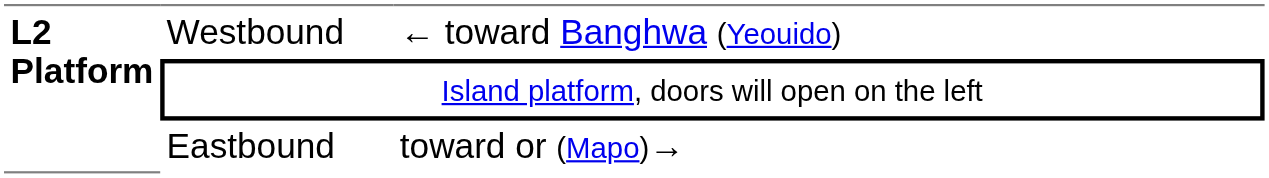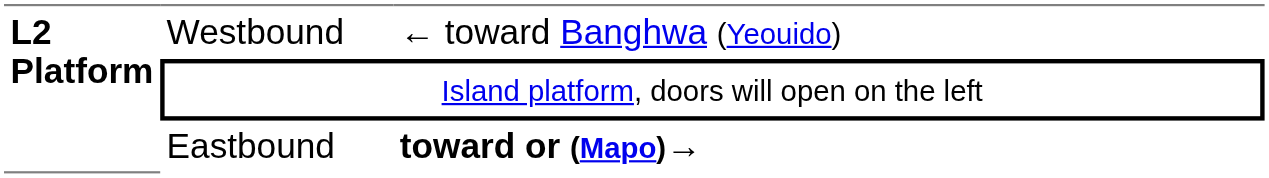 <table table border=0 cellspacing=0 cellpadding=3>
 <tr>
 <td style="border-top:solid 1px gray;border-bottom:solid 1px gray;" width=50 rowspan=10 valign=top><strong>L2<br>Platform</strong></td>
 <td style="border-bottom:solid 0px gray;border-top:solid 1px gray;" width=100>Westbound</td>
 <td style="border-bottom:solid 0px gray;border-top:solid 1px gray;" width=390>←  toward <a href='#'>Banghwa</a> <small>(<a href='#'>Yeouido</a>)</small></td>
 </tr>
 <tr>
 <td style="border-top:solid 2px black;border-right:solid 2px black;border-left:solid 2px black;border-bottom:solid 2px black;text-align:center;" colspan=2><small><a href='#'>Island platform</a>, doors will open on the left</small></td>
 </tr>
 <tr>
 <td>Eastbound</td>
-<td>  toward  or  <small>(<a href='#'>Mapo</a>)</small>→</td>
+<td><strong>  toward  or  <small>(<a href='#'>Mapo</a>)</small>→</strong></td>
 </tr>
 </table>
